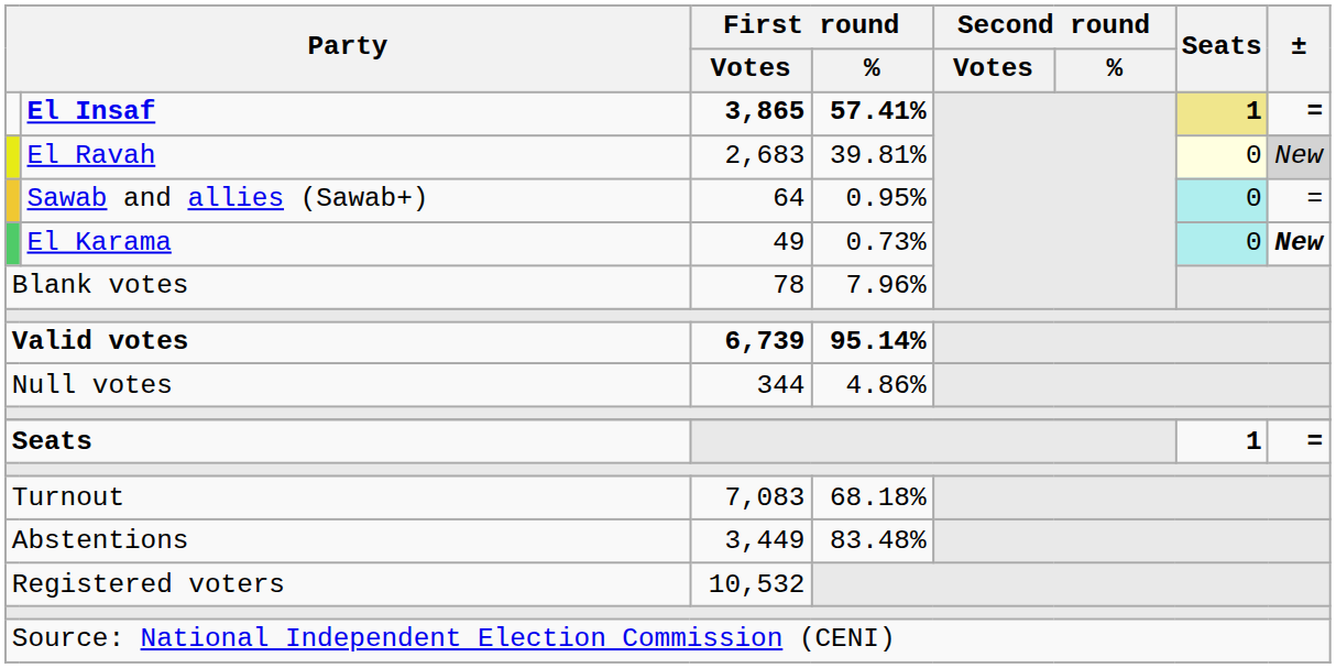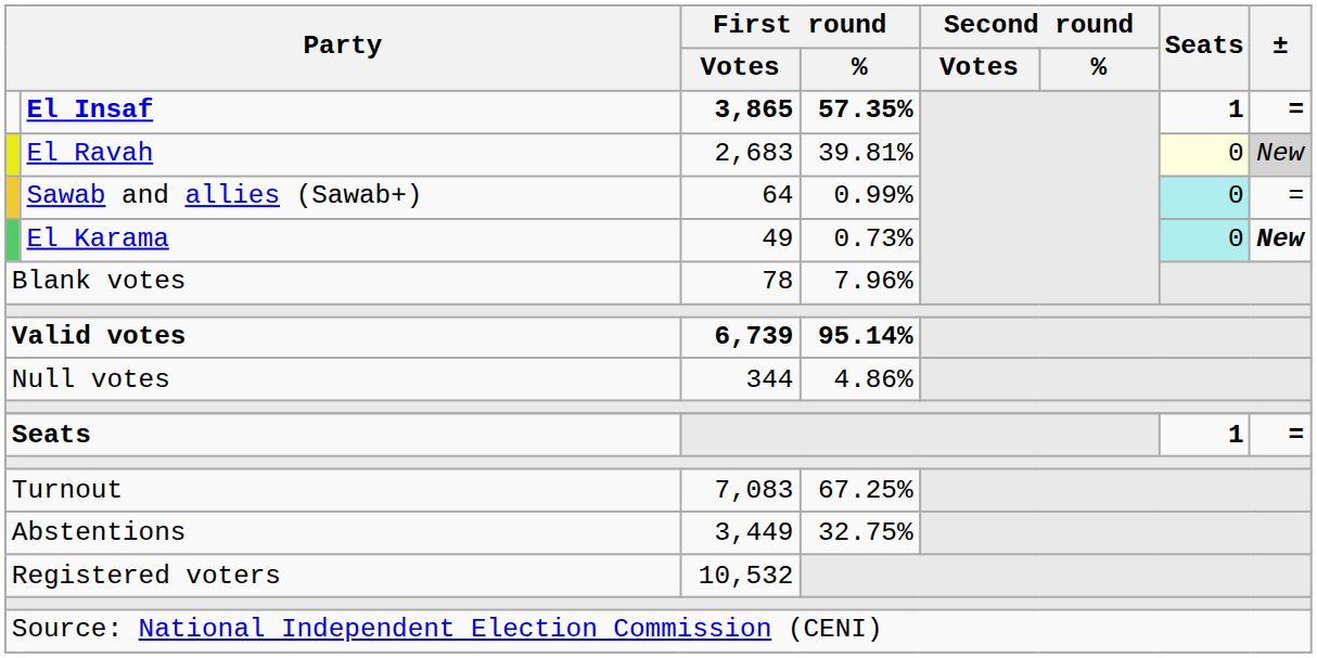 <table class="wikitable" style="text-align:right;font-size:95%;">
 <tr>
 <th rowspan="2" colspan="2" width="700">Party</th>
 <th colspan="2">First round</th>
 <th colspan="2">Second round</th>
 <th rowspan="2" width="25">Seats</th>
 <th rowspan="2" width="20">±</th>
 </tr>
 <tr>
 <th width="50">Votes</th>
 <th width="50">%</th>
 <th width="50">Votes</th>
 <th width="50">%</th>
 </tr>
 <tr>
 <td width="1" style="color:inherit;background:"></td>
 <td style="text-align:left;"><strong><a href='#'>El Insaf</a></strong></td>
 <td><strong>3,865</strong></td>
-<td><strong>57.41%</strong></td>
+<td><strong>57.35%</strong></td>
 <td colspan="2" rowspan="5" style="background:#E9E9E9;"></td>
-<td style="background: khaki;"><strong>1</strong></td>
+<td><strong>1</strong></td>
 <td><strong>=</strong></td>
 </tr>
 <tr>
 <td width="1" style="color:inherit;background:#E7EB16;"></td>
 <td style="text-align:left;"><a href='#'>El Ravah</a></td>
 <td>2,683</td>
 <td>39.81%</td>
 <td style="background: lightyellow;">0</td>
 <td style="background: lightgrey;"><em>New</em></td>
 </tr>
 <tr>
 <td width="1" style="color:inherit;background:#F0C832;"></td>
 <td style="text-align:left;"><a href='#'>Sawab</a> and <a href='#'>allies</a> (Sawab+)</td>
 <td>64</td>
-<td>0.95%</td>
+<td>0.99%</td>
 <td style="background: paleturquoise;">0</td>
 <td>=</td>
 </tr>
 <tr>
 <td width="1" style="color:inherit;background:#4FCB68;"></td>
 <td style="text-align:left;"><a href='#'>El Karama</a></td>
 <td>49</td>
 <td>0.73%</td>
 <td style="background: paleturquoise;">0</td>
 <td><strong><em>New</em></strong></td>
 </tr>
 <tr>
 <td colspan="2" style="text-align:left;">Blank votes</td>
 <td>78</td>
 <td>7.96%</td>
 <td colspan="4" style="background:#E9E9E9;"></td>
 </tr>
 <tr>
 <td colspan="8" style="background:#E9E9E9;"></td>
 </tr>
 <tr style="font-weight:bold;">
 <td colspan="2" style="text-align:left;">Valid votes</td>
 <td>6,739</td>
 <td>95.14%</td>
 <td colspan="4" style="background:#E9E9E9;"></td>
 </tr>
 <tr>
 <td colspan="2" style="text-align:left;">Null votes</td>
 <td>344</td>
 <td>4.86%</td>
 <td colspan="4" style="background:#E9E9E9;"></td>
 </tr>
 <tr>
 <td colspan="8" style="background:#E9E9E9;"></td>
 </tr>
 <tr>
 </tr>
 <tr style="font-weight:bold;">
 <td colspan="2" style="text-align:left;">Seats</td>
 <td colspan="4" style="background:#E9E9E9;"></td>
 <td>1</td>
 <td>=</td>
 </tr>
 <tr>
 <td colspan="8" style="background:#E9E9E9;"></td>
 </tr>
 <tr>
 <td colspan="2" style="text-align:left;">Turnout</td>
 <td>7,083</td>
-<td>68.18%</td>
+<td>67.25%</td>
 <td colspan="4" style="background:#E9E9E9;"></td>
 </tr>
 <tr>
 <td colspan="2" style="text-align:left;">Abstentions</td>
 <td>3,449</td>
-<td>83.48%</td>
+<td>32.75%</td>
 <td colspan="4" style="background:#E9E9E9;"></td>
 </tr>
 <tr>
 <td colspan="2" style="text-align:left;">Registered voters</td>
 <td>10,532</td>
 <td colspan="5" style="background:#E9E9E9;"></td>
 </tr>
 <tr>
 <td colspan="8" style="background:#E9E9E9;"></td>
 </tr>
 <tr>
 <td colspan="8" style="text-align:left;">Source: <a href='#'>National Independent Election Commission</a> (CENI)</td>
 </tr>
 </table>
